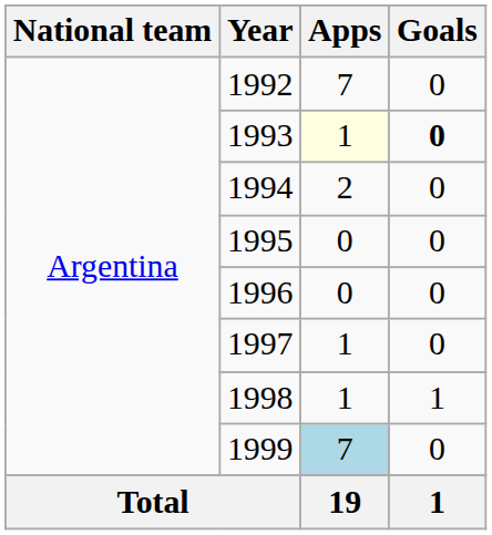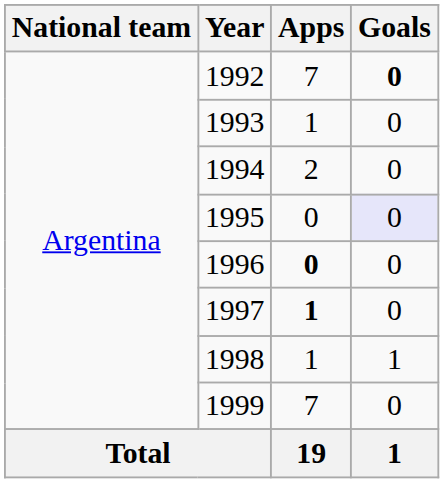 <table class="wikitable" style="text-align:center">
 <tr>
 <th>National team</th>
 <th>Year</th>
 <th>Apps</th>
 <th>Goals</th>
 </tr>
 <tr>
 <td rowspan="8"><a href='#'>Argentina</a></td>
 <td>1992</td>
 <td>7</td>
-<td>0</td>
+<td><strong>0</strong></td>
 </tr>
 <tr>
 <td>1993</td>
-<td style="background: lightyellow;">1</td>
-<td><strong>0</strong></td>
+<td>1</td>
+<td>0</td>
 </tr>
 <tr>
 <td>1994</td>
 <td>2</td>
 <td>0</td>
 </tr>
 <tr>
 <td>1995</td>
 <td>0</td>
-<td>0</td>
+<td style="background: lavender;">0</td>
 </tr>
 <tr>
 <td>1996</td>
-<td>0</td>
+<td><strong>0</strong></td>
 <td>0</td>
 </tr>
 <tr>
 <td>1997</td>
-<td>1</td>
+<td><strong>1</strong></td>
 <td>0</td>
 </tr>
 <tr>
 <td>1998</td>
 <td>1</td>
 <td>1</td>
 </tr>
 <tr>
 <td>1999</td>
-<td style="background: lightblue;">7</td>
+<td>7</td>
 <td>0</td>
 </tr>
 <tr>
 <th colspan="2">Total</th>
 <th>19</th>
 <th>1</th>
 </tr>
 </table>
